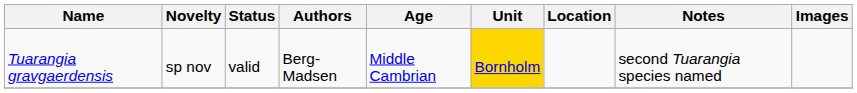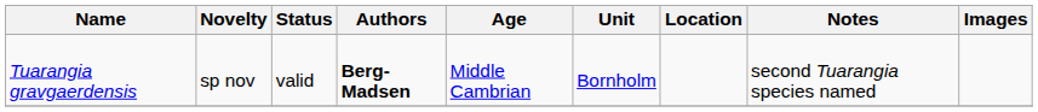 <table class="wikitable sortable" align="center" width="100%">
 <tr>
 <th>Name</th>
 <th>Novelty</th>
 <th>Status</th>
 <th>Authors</th>
 <th>Age</th>
 <th>Unit</th>
 <th>Location</th>
 <th>Notes</th>
 <th>Images</th>
 </tr>
 <tr>
 <td><br><em><a href='#'>Tuarangia gravgaerdensis</a></em></td>
 <td><br>sp nov</td>
 <td><br>valid</td>
-<td><br>Berg-Madsen</td>
+<td><strong><br>Berg-Madsen</strong></td>
 <td><br><a href='#'>Middle Cambrian</a></td>
-<td style="background: gold;"><br><a href='#'>Bornholm</a></td>
+<td><br><a href='#'>Bornholm</a></td>
 <td><br></td>
 <td><br>second <em>Tuarangia</em> species named</td>
 <td></td>
 </tr>
 <tr>
 </tr>
 </table>
